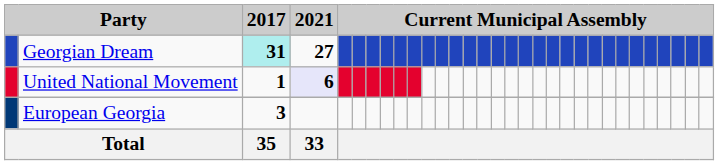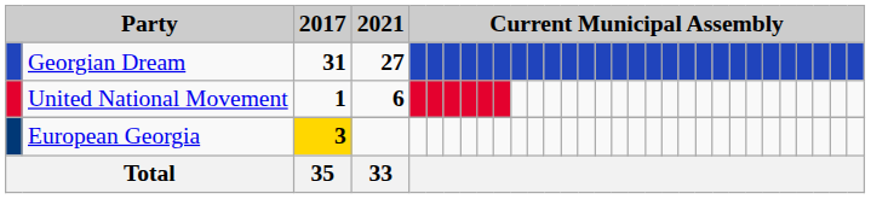 <table class="wikitable">
 <tr>
 <th style="background:#ccc" colspan="2">Party</th>
 <th style="background:#ccc">2017</th>
 <th style="background:#ccc">2021</th>
 <th style="background:#ccc" colspan="45">Current Municipal Assembly</th>
 </tr>
 <tr>
 <td style="background-color: #2044bc"> </td>
 <td><a href='#'>Georgian Dream</a></td>
-<td style="background: paleturquoise; text-align: right"><strong>31</strong></td>
+<td style="text-align: right"><strong>31</strong></td>
 <td style="text-align: right"><strong>27</strong></td>
 <td style="background-color: #2044bc"> </td>
 <td style="background-color: #2044bc"> </td>
 <td style="background-color: #2044bc"> </td>
 <td style="background-color: #2044bc"> </td>
 <td style="background-color: #2044bc"> </td>
 <td style="background-color: #2044bc"> </td>
 <td style="background-color: #2044bc"> </td>
 <td style="background-color: #2044bc"> </td>
 <td style="background-color: #2044bc"> </td>
 <td style="background-color: #2044bc"> </td>
 <td style="background-color: #2044bc"> </td>
 <td style="background-color: #2044bc"> </td>
 <td style="background-color: #2044bc"> </td>
 <td style="background-color: #2044bc"> </td>
 <td style="background-color: #2044bc"> </td>
 <td style="background-color: #2044bc"> </td>
 <td style="background-color: #2044bc"> </td>
 <td style="background-color: #2044bc"> </td>
 <td style="background-color: #2044bc"> </td>
 <td style="background-color: #2044bc"> </td>
 <td style="background-color: #2044bc"> </td>
 <td style="background-color: #2044bc"> </td>
 <td style="background-color: #2044bc"> </td>
 <td style="background-color: #2044bc"> </td>
 <td style="background-color: #2044bc"> </td>
 <td style="background-color: #2044bc"> </td>
 <td style="background-color: #2044bc"> </td>
 </tr>
 <tr>
 <td style="background-color: #e4012e"> </td>
 <td><a href='#'>United National Movement</a></td>
 <td style="text-align: right"><strong>1</strong></td>
-<td style="background: lavender; text-align: right"><strong>6</strong></td>
+<td style="text-align: right"><strong>6</strong></td>
 <td style="background-color: #e4012e"></td>
 <td style="background-color: #e4012e"> </td>
 <td style="background-color: #e4012e"> </td>
 <td style="background-color: #e4012e"> </td>
 <td style="background-color: #e4012e"> </td>
 <td style="background-color: #e4012e"> </td>
 <td></td>
 <td></td>
 <td></td>
 <td></td>
 <td></td>
 <td></td>
 <td></td>
 <td></td>
 <td></td>
 <td></td>
 <td></td>
 <td></td>
 <td></td>
 <td></td>
 <td></td>
 <td></td>
 <td></td>
 <td></td>
 <td></td>
 <td></td>
 <td></td>
 </tr>
 <tr>
 </tr>
 <tr>
 <td style="background-color: #003876"> </td>
 <td><a href='#'>European Georgia</a></td>
-<td style="text-align: right"><strong>3</strong></td>
+<td style="background: gold; text-align: right"><strong>3</strong></td>
 <td></td>
 <td></td>
 <td></td>
 <td></td>
 <td></td>
 <td></td>
 <td></td>
 <td></td>
 <td></td>
 <td></td>
 <td></td>
 <td></td>
 <td></td>
 <td></td>
 <td></td>
 <td></td>
 <td></td>
 <td></td>
 <td></td>
 <td></td>
 <td></td>
 <td></td>
 <td></td>
 <td></td>
 <td></td>
 <td></td>
 <td></td>
 <td></td>
 </tr>
 <tr>
 <th colspan=2>Total</th>
 <th align=right>35</th>
 <th align=right>33</th>
 <th colspan=45> </th>
 </tr>
 </table>
